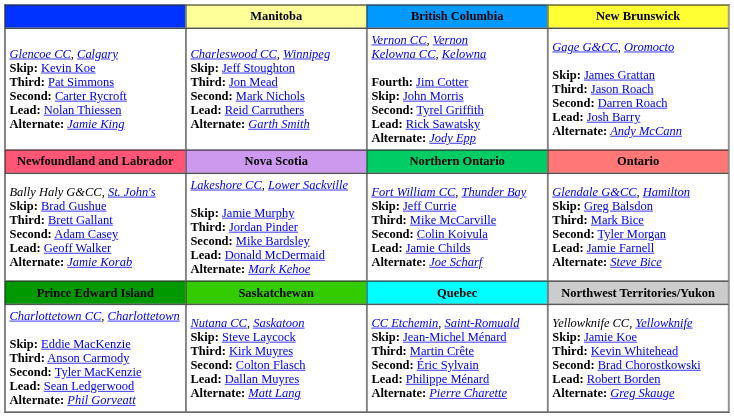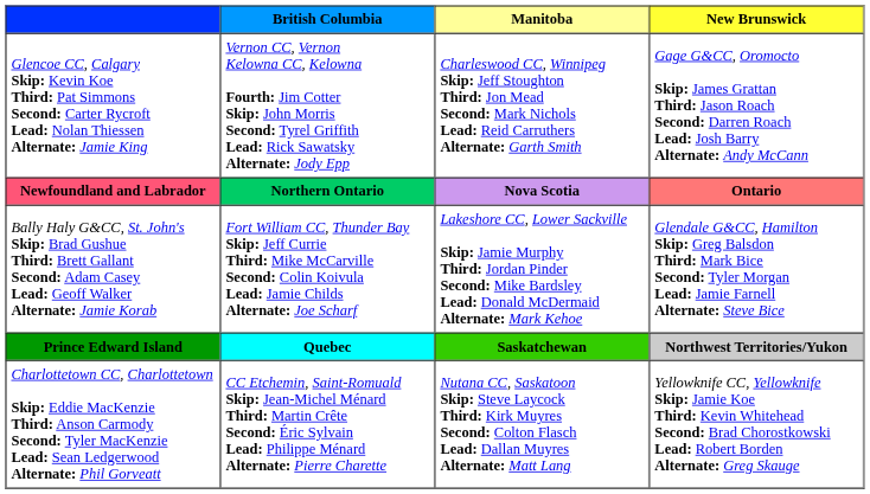 <table border=1 cellpadding=5 cellspacing=0>
 <tr>
 <th bgcolor=#0033ff width=220></th>
+<th bgcolor=#0099ff width=220>British Columbia</th>
 <th bgcolor=#ffff99 width=220>Manitoba</th>
-<th bgcolor=#0099ff width=220>British Columbia</th>
 <th bgcolor=#ffff33 width=220>New Brunswick</th>
 </tr>
 <tr>
 <td><em><a href='#'>Glencoe CC</a>, <a href='#'>Calgary</a></em><br><strong>Skip:</strong> <a href='#'>Kevin Koe</a><br> <strong>Third:</strong> <a href='#'>Pat Simmons</a><br> <strong>Second:</strong> <a href='#'>Carter Rycroft</a><br> <strong>Lead:</strong> <a href='#'>Nolan Thiessen</a><br> <strong>Alternate:</strong> <em><a href='#'>Jamie King</a></em></td>
+<td align=left><em><a href='#'>Vernon CC</a>, <a href='#'>Vernon</a><br><a href='#'>Kelowna CC</a>, <a href='#'>Kelowna</a></em><br><br><strong>Fourth:</strong> <a href='#'>Jim Cotter</a><br> <strong>Skip:</strong> <a href='#'>John Morris</a><br> <strong>Second:</strong> <a href='#'>Tyrel Griffith</a><br> <strong>Lead:</strong> <a href='#'>Rick Sawatsky</a><br> <strong>Alternate:</strong> <em><a href='#'>Jody Epp</a></em></td>
 <td><em><a href='#'>Charleswood CC</a>, <a href='#'>Winnipeg</a></em><br><strong>Skip:</strong> <a href='#'>Jeff Stoughton</a><br> <strong>Third:</strong> <a href='#'>Jon Mead</a><br> <strong>Second:</strong> <a href='#'>Mark Nichols</a><br> <strong>Lead:</strong> <a href='#'>Reid Carruthers</a><br> <strong>Alternate:</strong> <em><a href='#'>Garth Smith</a></em></td>
-<td align=left><em><a href='#'>Vernon CC</a>, <a href='#'>Vernon</a><br><a href='#'>Kelowna CC</a>, <a href='#'>Kelowna</a></em><br><br><strong>Fourth:</strong> <a href='#'>Jim Cotter</a><br> <strong>Skip:</strong> <a href='#'>John Morris</a><br> <strong>Second:</strong> <a href='#'>Tyrel Griffith</a><br> <strong>Lead:</strong> <a href='#'>Rick Sawatsky</a><br> <strong>Alternate:</strong> <em><a href='#'>Jody Epp</a></em></td>
 <td><em><a href='#'>Gage G&CC</a>, <a href='#'>Oromocto</a></em><br><br><strong>Skip:</strong> <a href='#'>James Grattan</a><br> <strong>Third:</strong> <a href='#'>Jason Roach</a><br> <strong>Second:</strong> <a href='#'>Darren Roach</a><br> <strong>Lead:</strong> <a href='#'>Josh Barry</a><br> <strong>Alternate:</strong> <em><a href='#'>Andy McCann</a></em></td>
 </tr>
 <tr border=1 cellpadding=5 cellspacing=0>
 <th bgcolor=#ff5577 width=200>Newfoundland and Labrador</th>
+<th bgcolor=#00CC66 width=200>Northern Ontario</th>
 <th bgcolor=#cc99ee width=200>Nova Scotia</th>
-<th bgcolor=#00CC66 width=200>Northern Ontario</th>
 <th bgcolor=#ff7777 width=200>Ontario</th>
 </tr>
 <tr>
 <td><em>Bally Haly G&CC, <a href='#'>St. John's</a> </em><br><strong>Skip:</strong> <a href='#'>Brad Gushue</a><br> <strong>Third:</strong> <a href='#'>Brett Gallant</a><br> <strong>Second:</strong> <a href='#'>Adam Casey</a><br> <strong>Lead:</strong> <a href='#'>Geoff Walker</a><br> <strong>Alternate:</strong> <em><a href='#'>Jamie Korab</a></em></td>
+<td><em><a href='#'>Fort William CC</a>, <a href='#'>Thunder Bay</a></em><br><strong>Skip:</strong> <a href='#'>Jeff Currie</a><br> <strong>Third:</strong> <a href='#'>Mike McCarville</a><br> <strong>Second:</strong> <a href='#'>Colin Koivula</a><br> <strong>Lead:</strong> <a href='#'>Jamie Childs</a><br> <strong>Alternate:</strong> <em><a href='#'>Joe Scharf</a></em></td>
 <td><em><a href='#'>Lakeshore CC</a>, <a href='#'>Lower Sackville</a></em><br><br><strong>Skip:</strong> <a href='#'>Jamie Murphy</a><br> <strong>Third:</strong> <a href='#'>Jordan Pinder</a><br> <strong>Second:</strong> <a href='#'>Mike Bardsley</a><br> <strong>Lead:</strong> <a href='#'>Donald McDermaid</a><br> <strong>Alternate:</strong> <em><a href='#'>Mark Kehoe</a></em></td>
-<td><em><a href='#'>Fort William CC</a>, <a href='#'>Thunder Bay</a></em><br><strong>Skip:</strong> <a href='#'>Jeff Currie</a><br> <strong>Third:</strong> <a href='#'>Mike McCarville</a><br> <strong>Second:</strong> <a href='#'>Colin Koivula</a><br> <strong>Lead:</strong> <a href='#'>Jamie Childs</a><br> <strong>Alternate:</strong> <em><a href='#'>Joe Scharf</a></em></td>
 <td><em><a href='#'>Glendale G&CC</a>, <a href='#'>Hamilton</a></em><br><strong>Skip:</strong> <a href='#'>Greg Balsdon</a><br> <strong>Third:</strong> <a href='#'>Mark Bice</a><br> <strong>Second:</strong> <a href='#'>Tyler Morgan</a><br> <strong>Lead:</strong> <a href='#'>Jamie Farnell</a><br> <strong>Alternate:</strong> <em><a href='#'>Steve Bice</a></em></td>
 </tr>
 <tr border=1 cellpadding=5 cellspacing=0>
 <th bgcolor=#009900 width=200>Prince Edward Island</th>
+<th bgcolor=#00ffff width=200>Quebec</th>
 <th bgcolor=#33cc00 width=200>Saskatchewan</th>
-<th bgcolor=#00ffff width=200>Quebec</th>
 <th bgcolor=#cccccc width=200>Northwest Territories/Yukon</th>
 </tr>
 <tr>
 <td><em><a href='#'>Charlottetown CC</a>, <a href='#'>Charlottetown</a></em><br><br><strong>Skip:</strong> <a href='#'>Eddie MacKenzie</a><br> <strong>Third:</strong> <a href='#'>Anson Carmody</a><br> <strong>Second:</strong> <a href='#'>Tyler MacKenzie</a><br> <strong>Lead:</strong> <a href='#'>Sean Ledgerwood</a><br> <strong>Alternate:</strong> <em><a href='#'>Phil Gorveatt</a></em></td>
+<td><em><a href='#'>CC Etchemin</a>, <a href='#'>Saint-Romuald</a></em><br><strong>Skip:</strong> <a href='#'>Jean-Michel Ménard</a><br> <strong>Third:</strong> <a href='#'>Martin Crête</a><br> <strong>Second:</strong> <a href='#'>Éric Sylvain</a><br> <strong>Lead:</strong> <a href='#'>Philippe Ménard</a><br> <strong>Alternate:</strong> <em><a href='#'>Pierre Charette</a></em></td>
 <td><em><a href='#'>Nutana CC</a>, <a href='#'>Saskatoon</a></em><br><strong>Skip:</strong> <a href='#'>Steve Laycock</a><br> <strong>Third:</strong> <a href='#'>Kirk Muyres</a><br> <strong>Second:</strong> <a href='#'>Colton Flasch</a><br> <strong>Lead:</strong> <a href='#'>Dallan Muyres</a><br> <strong>Alternate:</strong> <em><a href='#'>Matt Lang</a></em></td>
-<td><em><a href='#'>CC Etchemin</a>, <a href='#'>Saint-Romuald</a></em><br><strong>Skip:</strong> <a href='#'>Jean-Michel Ménard</a><br> <strong>Third:</strong> <a href='#'>Martin Crête</a><br> <strong>Second:</strong> <a href='#'>Éric Sylvain</a><br> <strong>Lead:</strong> <a href='#'>Philippe Ménard</a><br> <strong>Alternate:</strong> <em><a href='#'>Pierre Charette</a></em></td>
 <td><em>Yellowknife CC, <a href='#'>Yellowknife</a></em><br><strong>Skip:</strong> <a href='#'>Jamie Koe</a><br> <strong>Third:</strong> <a href='#'>Kevin Whitehead</a><br> <strong>Second:</strong> <a href='#'>Brad Chorostkowski</a><br> <strong>Lead:</strong> <a href='#'>Robert Borden</a><br> <strong>Alternate:</strong> <em><a href='#'>Greg Skauge</a></em></td>
 </tr>
 </table>
